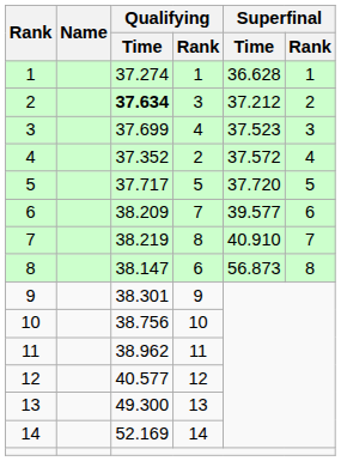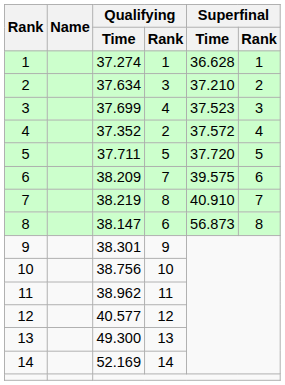 <table class="sortable wikitable" style="text-align:center;">
 <tr>
 <th rowspan=2>Rank</th>
 <th rowspan=2>Name</th>
 <th colspan=2>Qualifying</th>
 <th colspan=2>Superfinal</th>
 </tr>
 <tr>
 <th>Time</th>
 <th>Rank</th>
 <th>Time</th>
 <th>Rank</th>
 </tr>
 <tr bgcolor=ccffcc>
 <td>1</td>
 <td align=left></td>
 <td>37.274</td>
 <td>1</td>
 <td>36.628</td>
 <td>1</td>
 </tr>
 <tr bgcolor="ccffcc">
 <td>2</td>
 <td align=left></td>
-<td><strong>37.634</strong></td>
+<td>37.634</td>
 <td>3</td>
-<td>37.212</td>
+<td>37.210</td>
 <td>2</td>
 </tr>
 <tr bgcolor="ccffcc">
 <td>3</td>
 <td align=left></td>
 <td>37.699</td>
 <td>4</td>
 <td>37.523</td>
 <td>3</td>
 </tr>
 <tr bgcolor="ccffcc">
 <td>4</td>
 <td align=left></td>
 <td>37.352</td>
 <td>2</td>
 <td>37.572</td>
 <td>4</td>
 </tr>
 <tr bgcolor=ccffcc>
 <td>5</td>
 <td align=left></td>
-<td>37.717</td>
+<td>37.711</td>
 <td>5</td>
 <td>37.720</td>
 <td>5</td>
 </tr>
 <tr bgcolor="ccffcc">
 <td>6</td>
 <td align=left></td>
 <td>38.209</td>
 <td>7</td>
-<td>39.577</td>
+<td>39.575</td>
 <td>6</td>
 </tr>
 <tr bgcolor="ccffcc">
 <td>7</td>
 <td align=left></td>
 <td>38.219</td>
 <td>8</td>
 <td>40.910</td>
 <td>7</td>
 </tr>
 <tr bgcolor="ccffcc">
 <td>8</td>
 <td align=left></td>
 <td>38.147</td>
 <td>6</td>
 <td>56.873</td>
 <td>8</td>
 </tr>
 <tr>
 <td>9</td>
 <td align=left></td>
 <td>38.301</td>
 <td>9</td>
 <td colspan=2 rowspan=6></td>
 </tr>
 <tr>
 <td>10</td>
 <td align=left></td>
 <td>38.756</td>
 <td>10</td>
 </tr>
 <tr>
 <td>11</td>
 <td align=left></td>
 <td>38.962</td>
 <td>11</td>
 </tr>
 <tr>
 <td>12</td>
 <td align=left></td>
 <td>40.577</td>
 <td>12</td>
 </tr>
 <tr>
 <td>13</td>
 <td align=left></td>
 <td>49.300</td>
 <td>13</td>
 </tr>
 <tr>
 <td>14</td>
 <td align=left></td>
 <td>52.169</td>
 <td>14</td>
 </tr>
 <tr>
 <td></td>
 <td align=left></td>
 <td colspan=4></td>
 </tr>
 </table>
